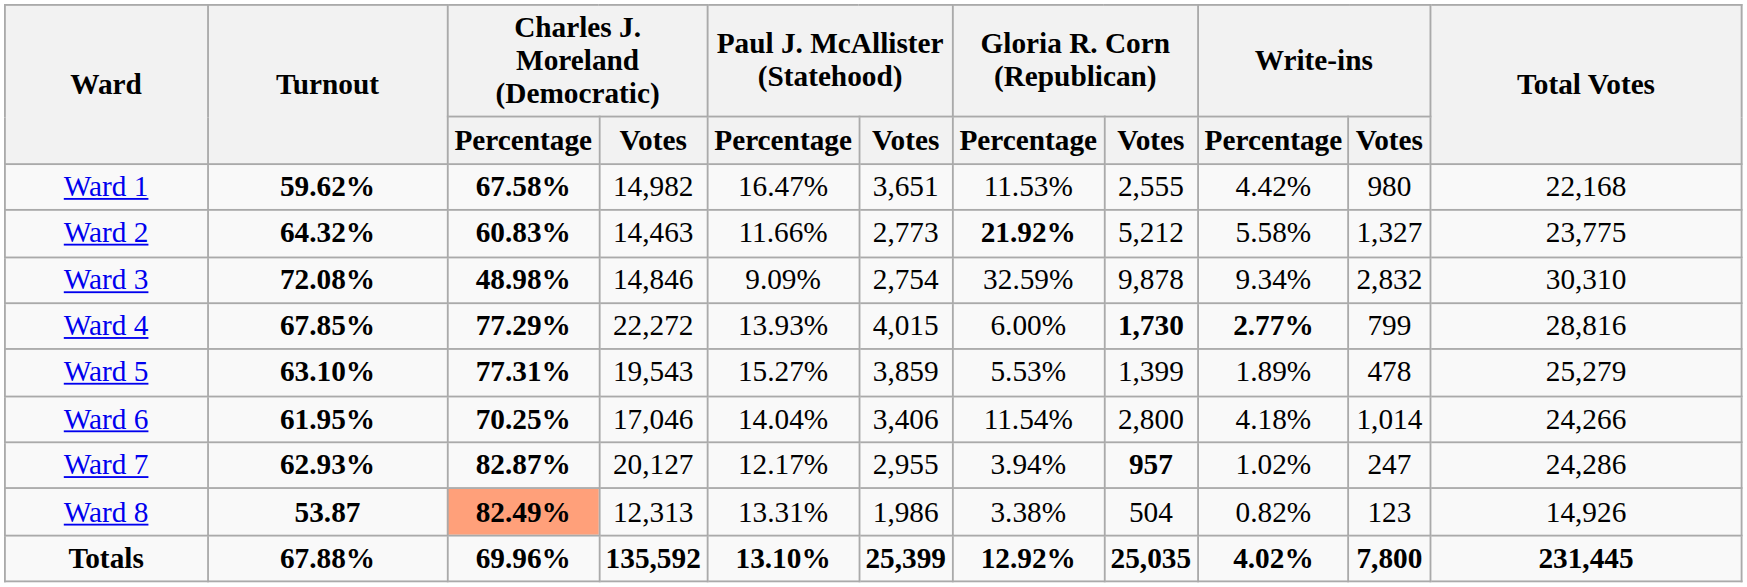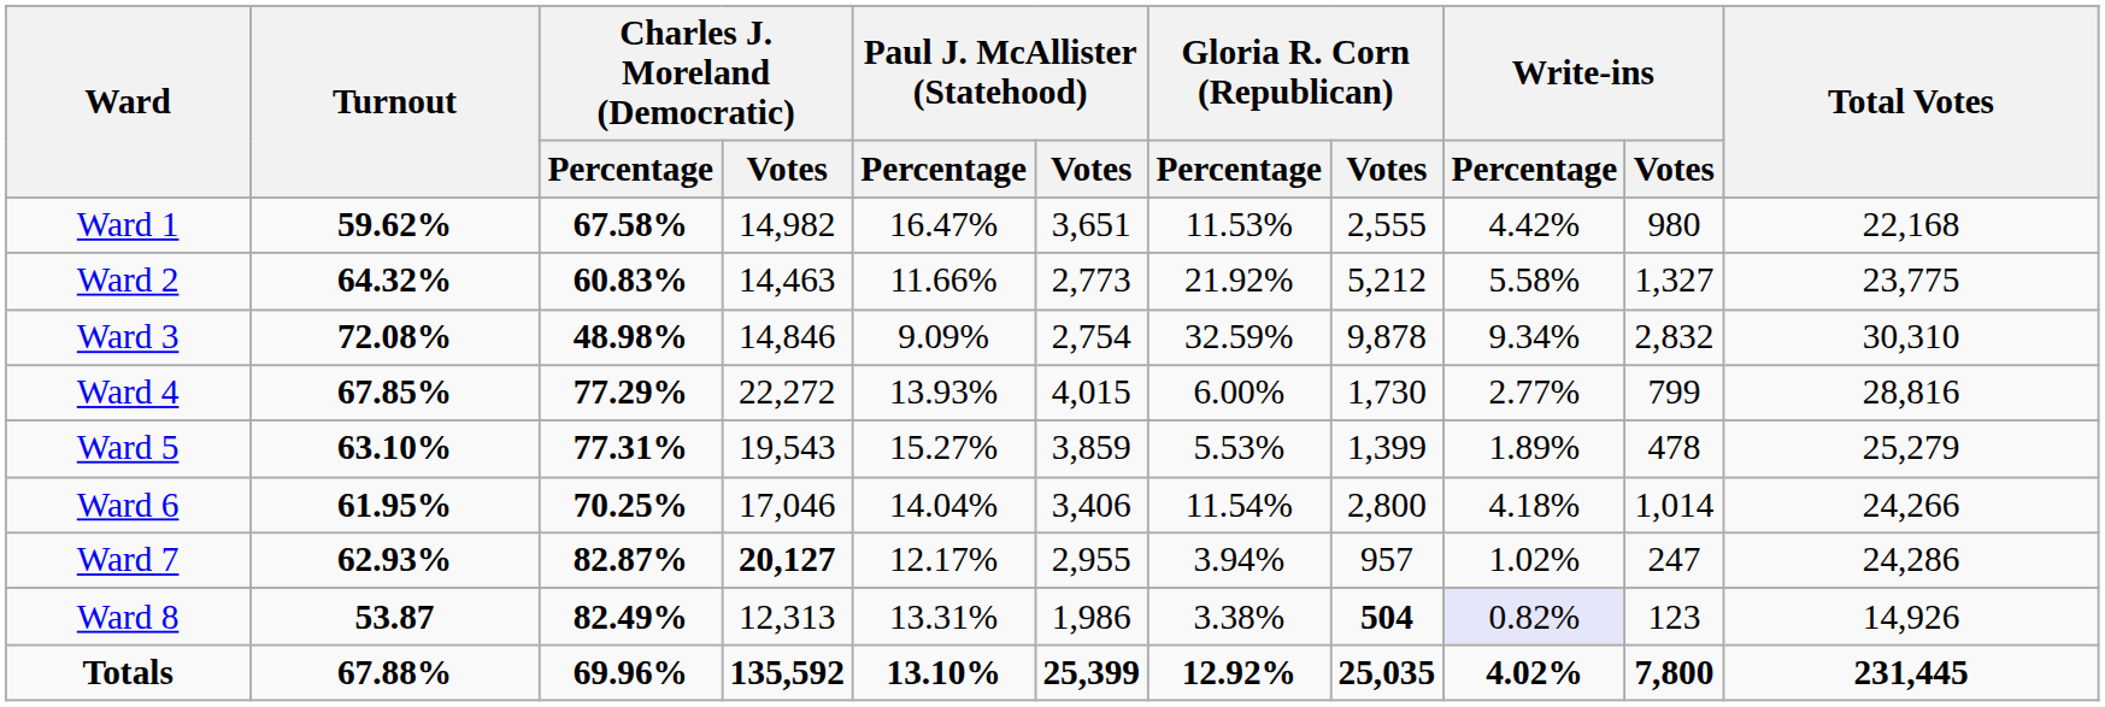 <table style="width:60%;" class="wikitable sortable">
 <tr style="background:lightgrey;">
 <th rowspan=2>Ward</th>
 <th rowspan=2>Turnout</th>
 <th colspan="2">Charles J. Moreland<br>(Democratic)</th>
 <th colspan="2">Paul J. McAllister<br>(Statehood)</th>
 <th colspan="2">Gloria R. Corn<br>(Republican)</th>
 <th colspan="2">Write-ins</th>
 <th rowspan=2>Total Votes</th>
 </tr>
 <tr>
 <th style="width:1%;">Percentage</th>
 <th style="width:1%;">Votes</th>
 <th style="width:1%;">Percentage</th>
 <th style="width:1%;">Votes</th>
 <th style="width:1%;">Percentage</th>
 <th style="width:1%;">Votes</th>
 <th style="width:1%;">Percentage</th>
 <th style="width:1%;">Votes</th>
 </tr>
 <tr style="text-align:center;"|>
 <td><a href='#'>Ward 1</a></td>
 <td><strong>59.62%</strong></td>
 <td><strong>67.58%</strong></td>
 <td>14,982</td>
 <td>16.47%</td>
 <td>3,651</td>
 <td>11.53%</td>
 <td>2,555</td>
 <td>4.42%</td>
 <td>980</td>
 <td>22,168</td>
 </tr>
 <tr style="text-align:center;"|>
 <td><a href='#'>Ward 2</a></td>
 <td><strong>64.32%</strong></td>
 <td><strong>60.83%</strong></td>
 <td>14,463</td>
 <td>11.66%</td>
 <td>2,773</td>
-<td><strong>21.92%</strong></td>
+<td>21.92%</td>
 <td>5,212</td>
 <td>5.58%</td>
 <td>1,327</td>
 <td>23,775</td>
 </tr>
 <tr style="text-align:center;"|>
 <td><a href='#'>Ward 3</a></td>
 <td><strong>72.08%</strong></td>
 <td><strong>48.98%</strong></td>
 <td>14,846</td>
 <td>9.09%</td>
 <td>2,754</td>
 <td>32.59%</td>
 <td>9,878</td>
 <td>9.34%</td>
 <td>2,832</td>
 <td>30,310</td>
 </tr>
 <tr style="text-align:center;"|>
 <td><a href='#'>Ward 4</a></td>
 <td><strong>67.85%</strong></td>
 <td><strong>77.29%</strong></td>
 <td>22,272</td>
 <td>13.93%</td>
 <td>4,015</td>
 <td>6.00%</td>
-<td><strong>1,730</strong></td>
-<td><strong>2.77%</strong></td>
+<td>1,730</td>
+<td>2.77%</td>
 <td>799</td>
 <td>28,816</td>
 </tr>
 <tr style="text-align:center;"|>
 <td><a href='#'>Ward 5</a></td>
 <td><strong>63.10%</strong></td>
 <td><strong>77.31%</strong></td>
 <td>19,543</td>
 <td>15.27%</td>
 <td>3,859</td>
 <td>5.53%</td>
 <td>1,399</td>
 <td>1.89%</td>
 <td>478</td>
 <td>25,279</td>
 </tr>
 <tr style="text-align:center;"|>
 <td><a href='#'>Ward 6</a></td>
 <td><strong>61.95%</strong></td>
 <td><strong>70.25%</strong></td>
 <td>17,046</td>
 <td>14.04%</td>
 <td>3,406</td>
 <td>11.54%</td>
 <td>2,800</td>
 <td>4.18%</td>
 <td>1,014</td>
 <td>24,266</td>
 </tr>
 <tr style="text-align:center;"|>
 <td><a href='#'>Ward 7</a></td>
 <td><strong>62.93%</strong></td>
 <td><strong>82.87%</strong></td>
-<td>20,127</td>
+<td><strong>20,127</strong></td>
 <td>12.17%</td>
 <td>2,955</td>
 <td>3.94%</td>
-<td><strong>957</strong></td>
+<td>957</td>
 <td>1.02%</td>
 <td>247</td>
 <td>24,286</td>
 </tr>
 <tr style="text-align:center;"|>
 <td><a href='#'>Ward 8</a></td>
 <td><strong>53.87</strong></td>
-<td style="background: lightsalmon;"><strong>82.49%</strong></td>
+<td><strong>82.49%</strong></td>
 <td>12,313</td>
 <td>13.31%</td>
 <td>1,986</td>
 <td>3.38%</td>
-<td>504</td>
-<td>0.82%</td>
+<td><strong>504</strong></td>
+<td style="background: lavender;">0.82%</td>
 <td>123</td>
 <td>14,926</td>
 </tr>
 <tr style="text-align:center;"|>
 <td><strong>Totals</strong></td>
 <td><strong>67.88%</strong></td>
 <td><strong>69.96%</strong></td>
 <td><strong>135,592</strong></td>
 <td><strong>13.10%</strong></td>
 <td><strong>25,399</strong></td>
 <td><strong>12.92%</strong></td>
 <td><strong>25,035</strong></td>
 <td><strong>4.02%</strong></td>
 <td><strong>7,800</strong></td>
 <td><strong>231,445</strong></td>
 </tr>
 </table>
